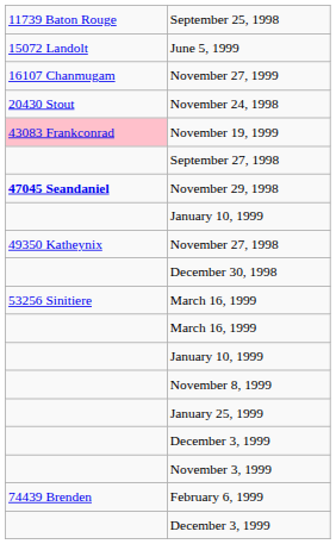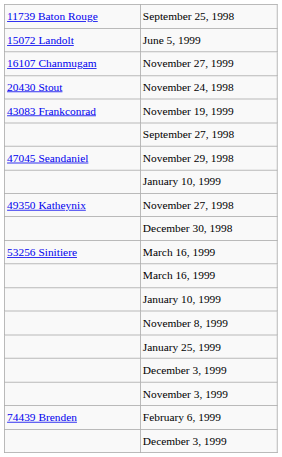 <table class="wikitable" style="font-size: 89%; float: left; width: 24em; margin-right: 1em; line-height: 1.6em !important;">
 <tr>
 <td><a href='#'>11739 Baton Rouge</a></td>
 <td>September 25, 1998</td>
 </tr>
 <tr>
 <td><a href='#'>15072 Landolt</a></td>
 <td>June 5, 1999</td>
 </tr>
 <tr>
 <td><a href='#'>16107 Chanmugam</a></td>
 <td>November 27, 1999</td>
 </tr>
 <tr>
 <td><a href='#'>20430 Stout</a> </td>
 <td>November 24, 1998</td>
 </tr>
 <tr>
-<td style="background: pink;"><a href='#'>43083 Frankconrad</a></td>
+<td><a href='#'>43083 Frankconrad</a></td>
 <td>November 19, 1999</td>
 </tr>
 <tr>
 <td> </td>
 <td>September 27, 1998</td>
 </tr>
 <tr>
-<td><strong><a href='#'>47045 Seandaniel</a></strong></td>
+<td><a href='#'>47045 Seandaniel</a></td>
 <td>November 29, 1998</td>
 </tr>
 <tr>
 <td></td>
 <td>January 10, 1999</td>
 </tr>
 <tr>
 <td><a href='#'>49350 Katheynix</a></td>
 <td>November 27, 1998</td>
 </tr>
 <tr>
 <td> </td>
 <td>December 30, 1998</td>
 </tr>
 <tr>
 <td><a href='#'>53256 Sinitiere</a></td>
 <td>March 16, 1999</td>
 </tr>
 <tr>
 <td></td>
 <td>March 16, 1999</td>
 </tr>
 <tr>
 <td></td>
 <td>January 10, 1999</td>
 </tr>
 <tr>
 <td></td>
 <td>November 8, 1999</td>
 </tr>
 <tr>
 <td> </td>
 <td>January 25, 1999</td>
 </tr>
 <tr>
 <td></td>
 <td>December 3, 1999</td>
 </tr>
 <tr>
 <td></td>
 <td>November 3, 1999</td>
 </tr>
 <tr>
 <td><a href='#'>74439 Brenden</a></td>
 <td>February 6, 1999</td>
 </tr>
 <tr>
 <td></td>
 <td>December 3, 1999</td>
 </tr>
 </table>
